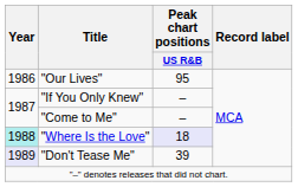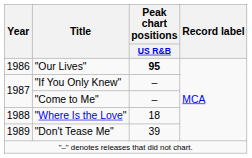 <table class="wikitable" style="text-align:center;">
 <tr>
 <th rowspan="2">Year</th>
 <th rowspan="2">Title</th>
 <th>Peak chart positions</th>
 <th rowspan="2">Record label</th>
 </tr>
 <tr style="font-size:smaller;">
 <th width="35"><a href='#'>US R&B</a><br></th>
 </tr>
 <tr>
 <td>1986</td>
 <td align="left">"Our Lives"</td>
-<td>95</td>
+<td><strong>95</strong></td>
 <td align=left rowspan="5"><a href='#'>MCA</a></td>
 </tr>
 <tr>
 <td rowspan="2">1987</td>
 <td align="left">"If You Only Knew"</td>
 <td>–</td>
 </tr>
 <tr>
 <td align="left">"Come to Me"</td>
 <td>–</td>
 </tr>
 <tr>
-<td style="background: paleturquoise;">1988</td>
+<td>1988</td>
 <td align="left">"<a href='#'>Where Is the Love</a>" </td>
-<td style="background: lavender;">18</td>
+<td>18</td>
 </tr>
 <tr>
-<td style="background: lavender;">1989</td>
+<td>1989</td>
 <td align="left">"Don't Tease Me"</td>
 <td>39</td>
 </tr>
 <tr>
 <td colspan="4" style="text-align:center; font-size:9pt;">"–" denotes releases that did not chart.</td>
 </tr>
 </table>
